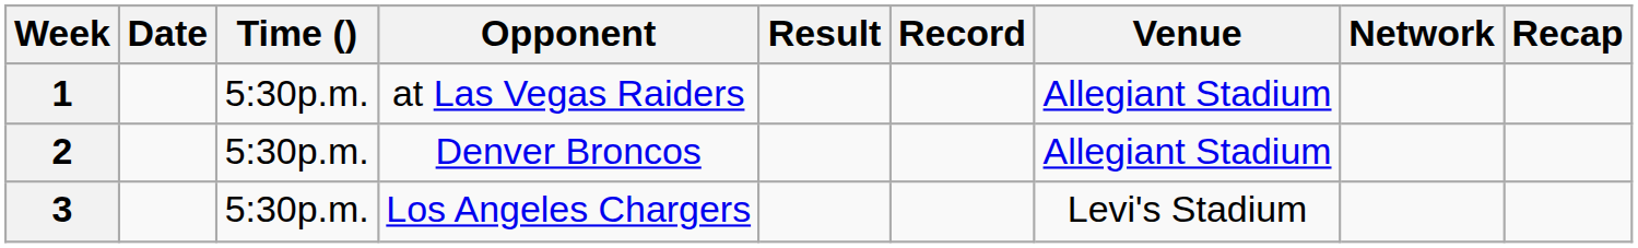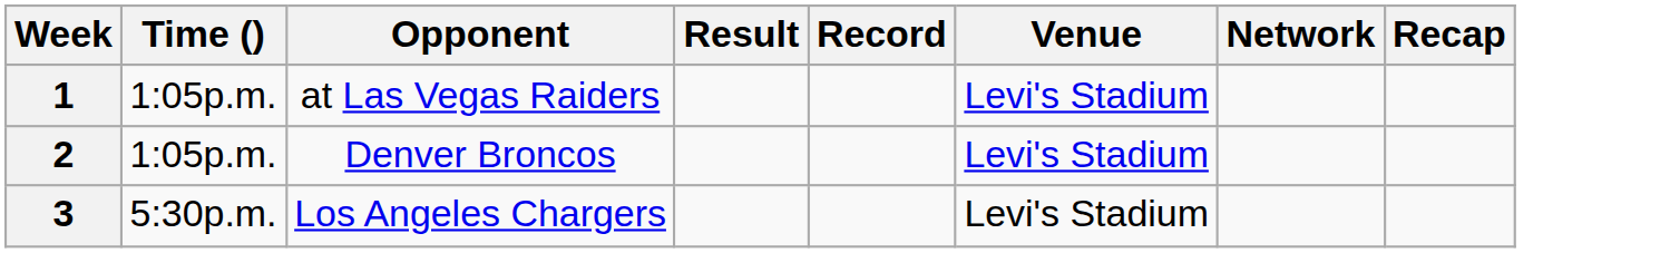 <table class="wikitable" style="text-align:center">
 <tr>
 <th>Week</th>
-<th>Date</th>
 <th>Time (<a href='#'></a>)</th>
 <th>Opponent</th>
 <th>Result</th>
 <th>Record</th>
 <th>Venue</th>
 <th>Network</th>
 <th>Recap</th>
 </tr>
 <tr>
 <th>1</th>
-<td></td>
-<td>5:30p.m.</td>
+<td>1:05p.m.</td>
 <td>at <a href='#'>Las Vegas Raiders</a></td>
 <td></td>
 <td></td>
-<td><a href='#'>Allegiant Stadium</a></td>
+<td><a href='#'>Levi's Stadium</a></td>
 <td></td>
 <td></td>
 </tr>
 <tr>
 <th>2</th>
-<td></td>
-<td>5:30p.m.</td>
+<td>1:05p.m.</td>
 <td><a href='#'>Denver Broncos</a></td>
 <td></td>
 <td></td>
-<td><a href='#'>Allegiant Stadium</a></td>
+<td><a href='#'>Levi's Stadium</a></td>
 <td></td>
 <td></td>
 </tr>
 <tr>
 <th>3</th>
-<td></td>
 <td>5:30p.m.</td>
 <td><a href='#'>Los Angeles Chargers</a></td>
 <td></td>
 <td></td>
 <td>Levi's Stadium</td>
 <td></td>
 <td></td>
 </tr>
 </table>
